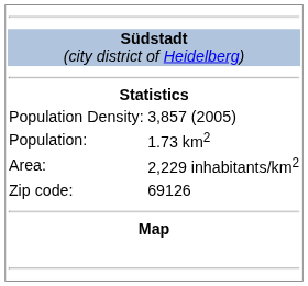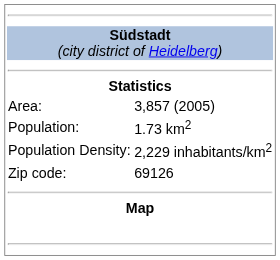 <table border="0" align = "right" frame="box">
 <tr>
 <td colspan="2" align="center"><hr></td>
 </tr>
 <tr bgcolor="lightsteelblue">
 <td colspan="2" align="center"><strong>Südstadt</strong><br><em>(city district of <a href='#'>Heidelberg</a>)</em></td>
 </tr>
 <tr>
 <th colspan="2" align="center"><hr><strong>Statistics</strong></th>
 </tr>
 <tr>
-<td>Population Density:</td>
+<td>Area:</td>
 <td>3,857 (2005)</td>
 </tr>
 <tr>
 <td>Population:</td>
 <td>1.73 km<sup>2</sup></td>
 </tr>
 <tr>
-<td>Area:</td>
+<td>Population Density:</td>
 <td>2,229 inhabitants/km<sup>2</sup></td>
 </tr>
 <tr>
 <td>Zip code:</td>
 <td>69126</td>
 </tr>
 <tr>
 <th colspan="2" align="center"><hr><strong>Map</strong></th>
 </tr>
 <tr>
 <td colspan="2"><br><hr></td>
 </tr>
 </table>
